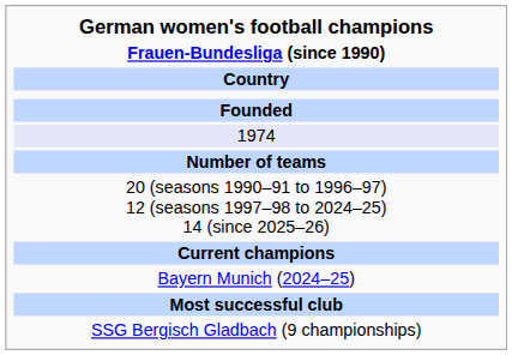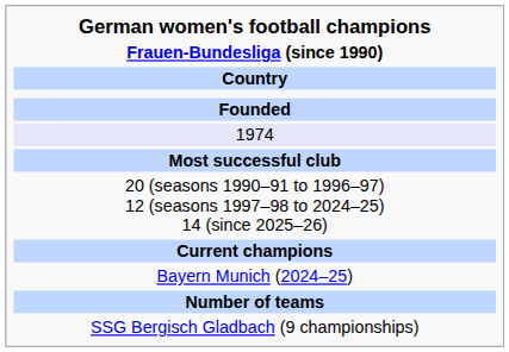 <table class="infobox football" style="width: 22em; text-align: center;">
 <tr>
 <th style="font-size: 14px;">German women's football champions</th>
 </tr>
 <tr>
 <th style="font-size: 12px;"><a href='#'>Frauen-Bundesliga</a> (since 1990)</th>
 </tr>
 <tr>
 <td style="font-size: 12px; background: #BFD7FF;"><strong>Country</strong></td>
 </tr>
 <tr>
 <td style="font-size: 12px;"></td>
 </tr>
 <tr>
 <td style="font-size: 12px; background: #BFD7FF;"><strong>Founded</strong></td>
 </tr>
 <tr>
 <td style="background: lavender; font-size: 12px;">1974</td>
 </tr>
 <tr>
-<td style="font-size: 12px; background: #BFD7FF;"><strong>Number of teams</strong></td>
+<td style="font-size: 12px; background: #BFD7FF;"><strong>Most successful club</strong></td>
 </tr>
 <tr>
 <td style="font-size: 12px;">20 (seasons 1990–91 to 1996–97)<br>12 (seasons 1997–98 to 2024–25)<br>14 (since 2025–26)</td>
 </tr>
 <tr>
 <td style="font-size: 12px; background: #BFD7FF;"><strong>Current champions</strong></td>
 </tr>
 <tr>
 <td style="font-size: 12px;"><a href='#'>Bayern Munich</a> (<a href='#'>2024–25</a>)</td>
 </tr>
 <tr>
-<td style="font-size: 12px; background: #BFD7FF;"><strong>Most successful club</strong></td>
+<td style="font-size: 12px; background: #BFD7FF;"><strong>Number of teams</strong></td>
 </tr>
 <tr>
 <td style="font-size: 12px;"><a href='#'>SSG Bergisch Gladbach</a> (9 championships)</td>
 </tr>
 </table>
